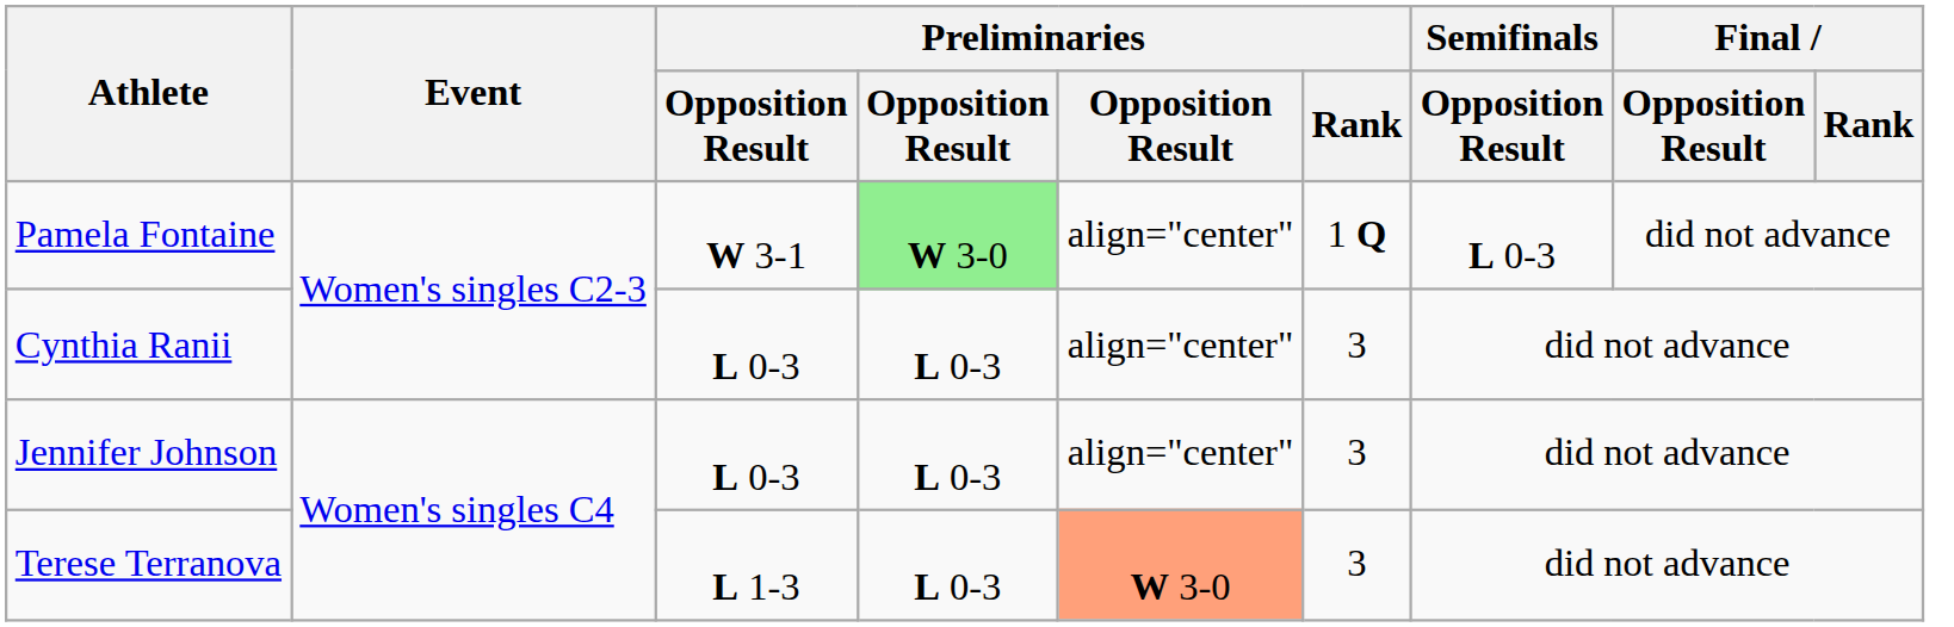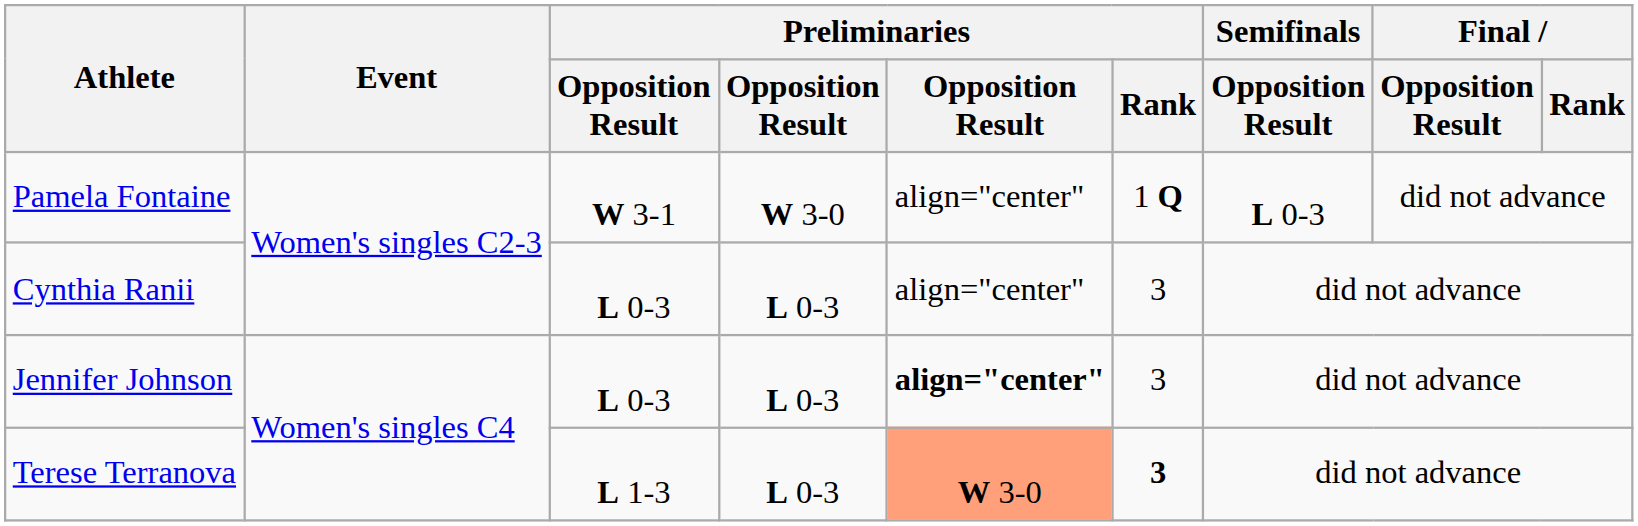 <table class=wikitable style="font-size:90%">
 <tr>
 <th rowspan="2">Athlete</th>
 <th rowspan="2">Event</th>
 <th colspan="4">Preliminaries</th>
 <th>Semifinals</th>
 <th colspan="2">Final / </th>
 </tr>
 <tr>
 <th>Opposition<br>Result</th>
 <th>Opposition<br>Result</th>
 <th>Opposition<br>Result</th>
 <th>Rank</th>
 <th>Opposition<br>Result</th>
 <th>Opposition<br>Result</th>
 <th>Rank</th>
 </tr>
 <tr>
 <td><a href='#'>Pamela Fontaine</a></td>
 <td rowspan=2><a href='#'>Women's singles C2-3</a></td>
 <td align="center"><br><strong>W</strong> 3-1</td>
-<td align="center" style="background: lightgreen;"><br><strong>W</strong> 3-0</td>
+<td align="center"><br><strong>W</strong> 3-0</td>
 <td>align="center" </td>
 <td align="center">1 <strong>Q</strong></td>
 <td align="center"><br><strong>L</strong> 0-3</td>
 <td align="center" colspan=2>did not advance</td>
 </tr>
 <tr>
 <td><a href='#'>Cynthia Ranii</a></td>
 <td align="center"><br><strong>L</strong> 0-3</td>
 <td align="center"><br><strong>L</strong> 0-3</td>
 <td>align="center" </td>
 <td align="center">3</td>
 <td align="center" colspan=3>did not advance</td>
 </tr>
 <tr>
 <td><a href='#'>Jennifer Johnson</a></td>
 <td rowspan=2><a href='#'>Women's singles C4</a></td>
 <td align="center"><br><strong>L</strong> 0-3</td>
 <td align="center"><br><strong>L</strong> 0-3</td>
-<td>align="center" </td>
+<td><strong>align="center" </strong></td>
 <td align="center">3</td>
 <td align="center" colspan=3>did not advance</td>
 </tr>
 <tr>
 <td><a href='#'>Terese Terranova</a></td>
 <td align="center"><br><strong>L</strong> 1-3</td>
 <td align="center"><br><strong>L</strong> 0-3</td>
 <td align="center" style="background: lightsalmon;"><br><strong>W</strong> 3-0</td>
-<td align="center">3</td>
+<td align="center"><strong>3</strong></td>
 <td align="center" colspan=3>did not advance</td>
 </tr>
 </table>
